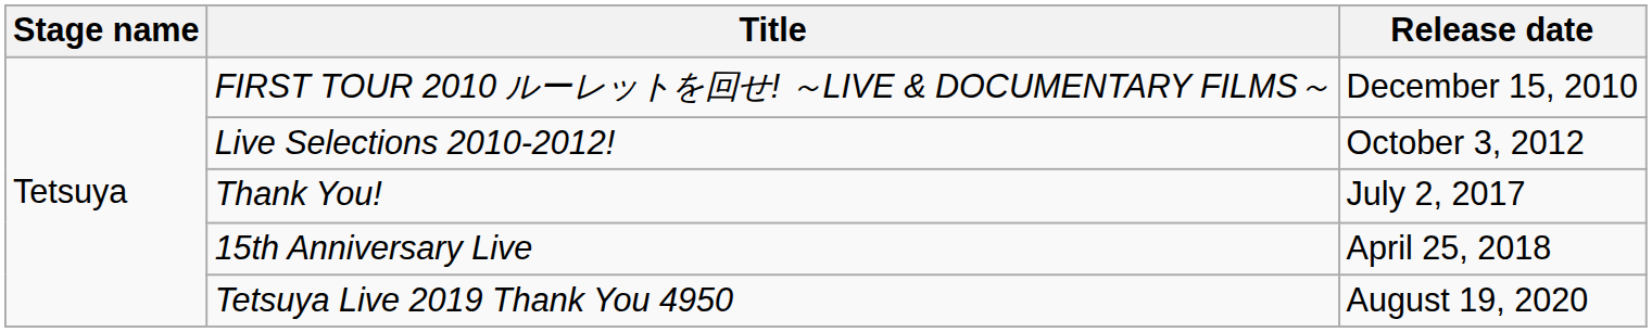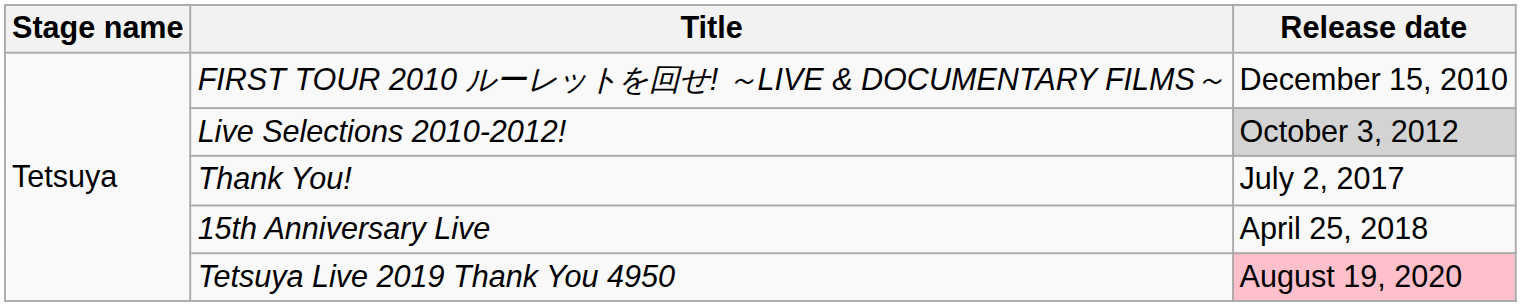 <table class="wikitable">
 <tr>
 <th>Stage name</th>
 <th>Title</th>
 <th>Release date</th>
 </tr>
 <tr>
 <td rowspan="5">Tetsuya</td>
 <td><em>FIRST TOUR 2010 ルーレットを回せ! ～LIVE & DOCUMENTARY FILMS～</em></td>
 <td>December 15, 2010</td>
 </tr>
 <tr>
 <td><em>Live Selections 2010-2012!</em></td>
-<td>October 3, 2012</td>
+<td style="background: lightgrey;">October 3, 2012</td>
 </tr>
 <tr>
 <td><em>Thank You!</em></td>
 <td>July 2, 2017</td>
 </tr>
 <tr>
 <td><em>15th Anniversary Live</em></td>
 <td>April 25, 2018</td>
 </tr>
 <tr>
 <td><em>Tetsuya Live 2019 Thank You 4950</em></td>
-<td>August 19, 2020</td>
+<td style="background: pink;">August 19, 2020</td>
 </tr>
 </table>
